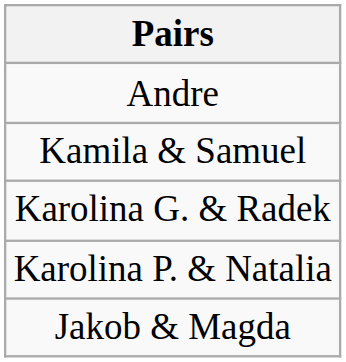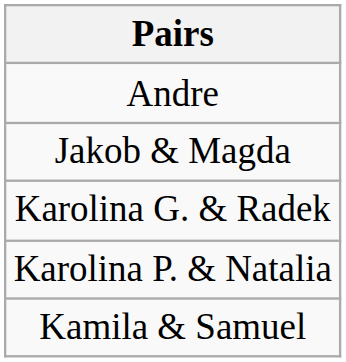 <table class="wikitable" style="text-align:center">
 <tr>
 <th>Pairs</th>
 </tr>
 <tr>
 <td>Andre</td>
 </tr>
 <tr>
-<td>Kamila & Samuel</td>
+<td>Jakob & Magda</td>
 </tr>
 <tr>
 <td>Karolina G. & Radek</td>
 </tr>
 <tr>
 <td>Karolina P. & Natalia</td>
 </tr>
 <tr>
-<td>Jakob & Magda</td>
+<td>Kamila & Samuel</td>
 </tr>
 </table>
